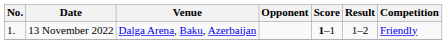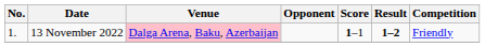 <table class="wikitable">
 <tr>
 <th>No.</th>
 <th>Date</th>
 <th>Venue</th>
 <th>Opponent</th>
 <th>Score</th>
 <th>Result</th>
 <th>Competition</th>
 </tr>
 <tr>
 <td>1.</td>
 <td>13 November 2022</td>
-<td><a href='#'>Dalga Arena</a>, <a href='#'>Baku</a>, <a href='#'>Azerbaijan</a></td>
+<td style="background: pink;"><a href='#'>Dalga Arena</a>, <a href='#'>Baku</a>, <a href='#'>Azerbaijan</a></td>
 <td></td>
 <td align=center><strong>1</strong>–1</td>
-<td align=center>1–2</td>
+<td align=center><strong>1–2</strong></td>
 <td><a href='#'>Friendly</a></td>
 </tr>
 <tr>
 </tr>
 </table>
